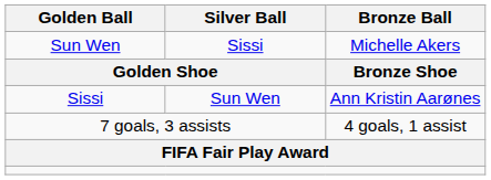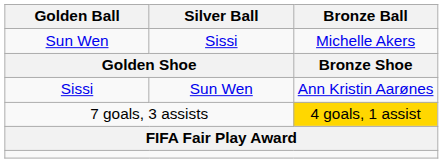 <table class="wikitable" style="margin:auto; text-align:center;">
 <tr>
 <th style="width:33%">Golden Ball</th>
 <th style="width:33%">Silver Ball</th>
 <th style="width:33%">Bronze Ball</th>
 </tr>
 <tr>
 <td> <a href='#'>Sun Wen</a></td>
 <td> <a href='#'>Sissi</a></td>
 <td> <a href='#'>Michelle Akers</a></td>
 </tr>
 <tr>
 <th colspan="2">Golden Shoe</th>
 <th>Bronze Shoe</th>
 </tr>
 <tr>
 <td> <a href='#'>Sissi</a></td>
 <td> <a href='#'>Sun Wen</a></td>
 <td> <a href='#'>Ann Kristin Aarønes</a></td>
 </tr>
 <tr>
 <td colspan="2">7 goals, 3 assists</td>
-<td>4 goals, 1 assist</td>
+<td style="background: gold;">4 goals, 1 assist</td>
 </tr>
 <tr>
 <th colspan="3">FIFA Fair Play Award</th>
 </tr>
 <tr>
 <td colspan="3"></td>
 </tr>
 </table>
